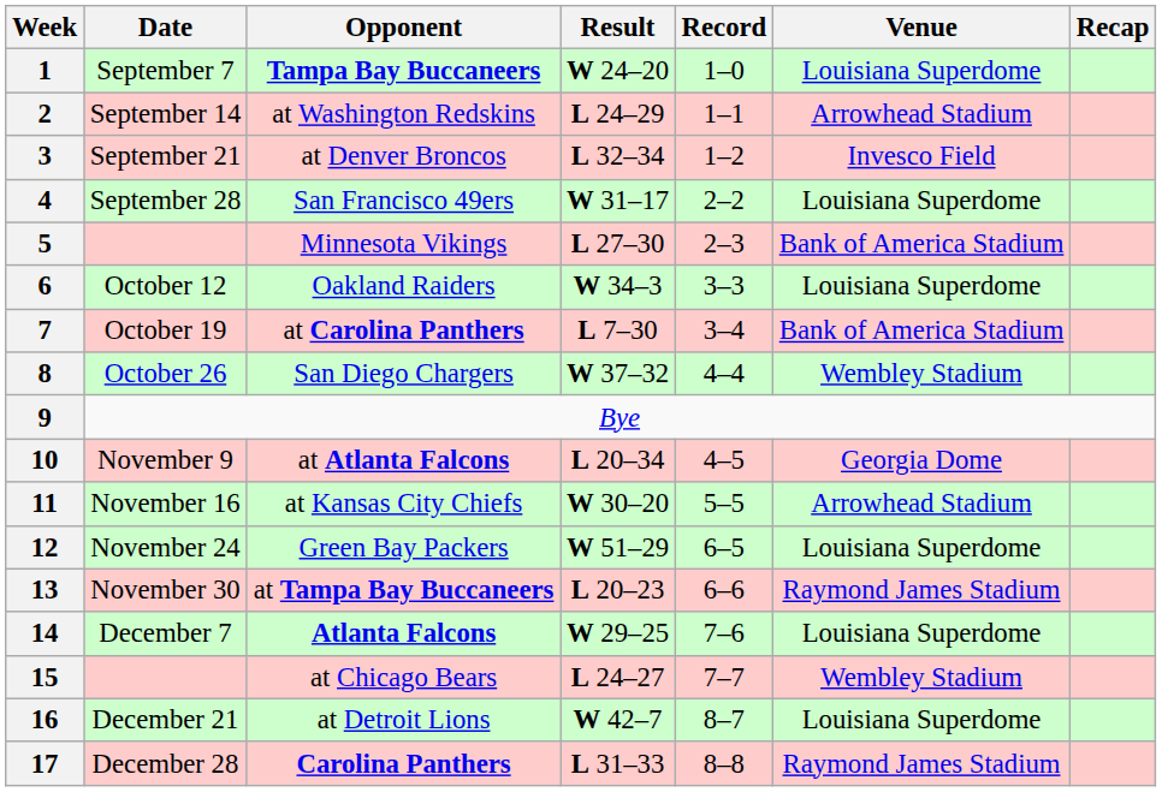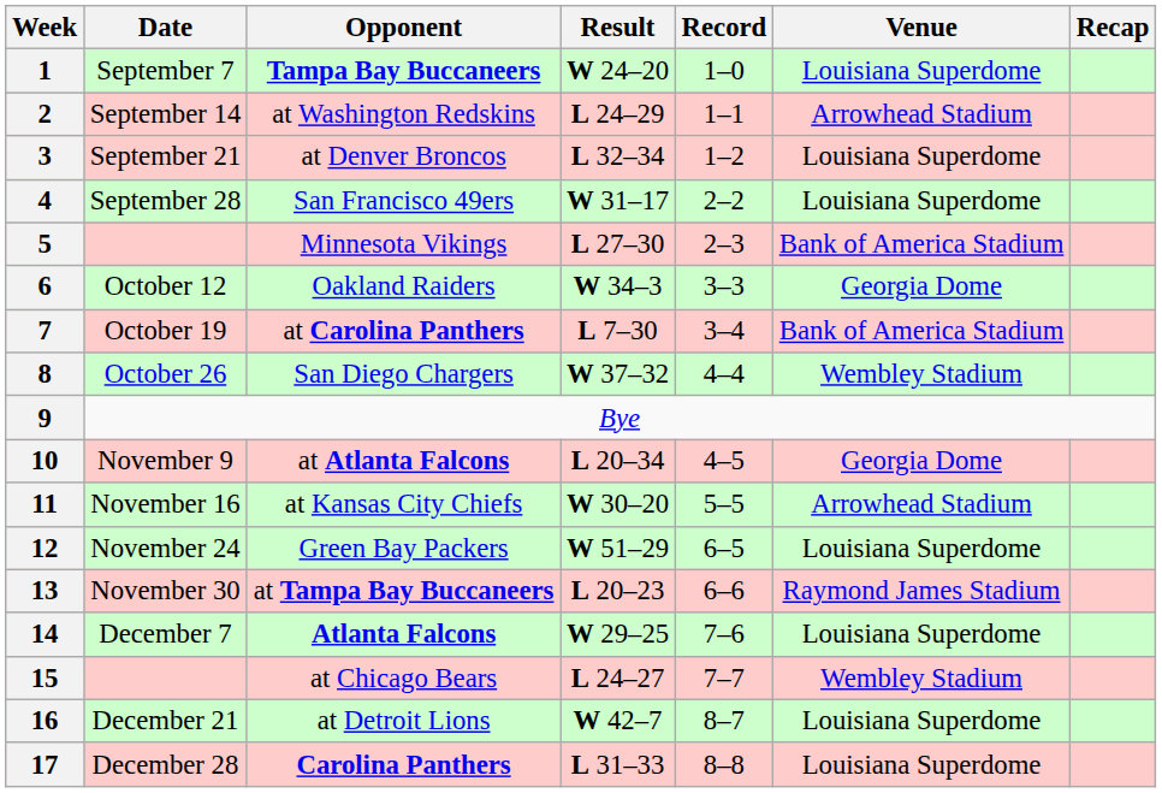 <table class="wikitable" style="text-align:center">
 <tr>
 <th>Week</th>
 <th>Date</th>
 <th>Opponent</th>
 <th>Result</th>
 <th>Record</th>
 <th>Venue</th>
 <th>Recap</th>
 </tr>
 <tr style="background: #cfc;">
 <th>1</th>
 <td>September 7</td>
 <td><strong><a href='#'>Tampa Bay Buccaneers</a></strong></td>
 <td><strong>W</strong> 24–20</td>
 <td>1–0</td>
 <td><a href='#'>Louisiana Superdome</a></td>
 <td></td>
 </tr>
 <tr style="background: #fcc;">
 <th>2</th>
 <td>September 14</td>
 <td>at <a href='#'>Washington Redskins</a></td>
 <td><strong>L</strong> 24–29</td>
 <td>1–1</td>
 <td><a href='#'>Arrowhead Stadium</a></td>
 <td align=center colspan="1"></td>
 </tr>
 <tr style="background: #fcc;">
 <th>3</th>
 <td>September 21</td>
 <td>at <a href='#'>Denver Broncos</a></td>
 <td><strong>L</strong> 32–34</td>
 <td>1–2</td>
-<td><a href='#'>Invesco Field</a></td>
+<td>Louisiana Superdome</td>
 <td></td>
 </tr>
 <tr style="background: #cfc;">
 <th>4</th>
 <td>September 28</td>
 <td><a href='#'>San Francisco 49ers</a></td>
 <td><strong>W</strong> 31–17</td>
 <td>2–2</td>
 <td>Louisiana Superdome</td>
 <td></td>
 </tr>
 <tr style="background: #fcc;">
 <th>5</th>
 <td></td>
 <td><a href='#'>Minnesota Vikings</a></td>
 <td><strong>L</strong> 27–30</td>
 <td>2–3</td>
 <td><a href='#'>Bank of America Stadium</a></td>
 <td></td>
 </tr>
 <tr style="background: #cfc;">
 <th>6</th>
 <td>October 12</td>
 <td><a href='#'>Oakland Raiders</a></td>
 <td><strong>W</strong> 34–3</td>
 <td>3–3</td>
-<td>Louisiana Superdome</td>
+<td><a href='#'>Georgia Dome</a></td>
 <td></td>
 </tr>
 <tr style="background: #fcc;">
 <th>7</th>
 <td>October 19</td>
 <td>at <strong><a href='#'>Carolina Panthers</a></strong></td>
 <td><strong>L</strong> 7–30</td>
 <td>3–4</td>
 <td><a href='#'>Bank of America Stadium</a></td>
 <td></td>
 </tr>
 <tr style="background: #cfc;">
 <th>8</th>
 <td><a href='#'>October 26</a></td>
 <td><a href='#'>San Diego Chargers</a></td>
 <td><strong>W</strong> 37–32</td>
 <td>4–4</td>
 <td> <a href='#'>Wembley Stadium</a> </td>
 <td></td>
 </tr>
 <tr>
 <th>9</th>
 <td colSpan=8 align="center"><em><a href='#'>Bye</a></em></td>
 </tr>
 <tr style="background: #fcc;">
 <th>10</th>
 <td>November 9</td>
 <td>at <strong><a href='#'>Atlanta Falcons</a></strong></td>
 <td><strong>L</strong> 20–34</td>
 <td>4–5</td>
 <td><a href='#'>Georgia Dome</a></td>
 <td></td>
 </tr>
 <tr style="background: #cfc;">
 <th>11</th>
 <td>November 16</td>
 <td>at <a href='#'>Kansas City Chiefs</a></td>
 <td><strong>W</strong> 30–20</td>
 <td>5–5</td>
 <td><a href='#'>Arrowhead Stadium</a></td>
 <td></td>
 </tr>
 <tr style="background: #cfc;">
 <th>12</th>
 <td>November 24</td>
 <td><a href='#'>Green Bay Packers</a></td>
 <td><strong>W</strong> 51–29</td>
 <td>6–5</td>
 <td>Louisiana Superdome</td>
 <td></td>
 </tr>
 <tr style="background: #fcc;">
 <th>13</th>
 <td>November 30</td>
 <td>at <strong><a href='#'>Tampa Bay Buccaneers</a></strong></td>
 <td><strong>L</strong> 20–23</td>
 <td>6–6</td>
 <td><a href='#'>Raymond James Stadium</a></td>
 <td></td>
 </tr>
 <tr style="background: #cfc;">
 <th>14</th>
 <td>December 7</td>
 <td><strong><a href='#'>Atlanta Falcons</a></strong></td>
 <td><strong>W</strong> 29–25</td>
 <td>7–6</td>
 <td>Louisiana Superdome</td>
 <td></td>
 </tr>
 <tr style="background: #fcc;">
 <th>15</th>
 <td></td>
 <td>at <a href='#'>Chicago Bears</a></td>
 <td><strong>L</strong> 24–27</td>
 <td>7–7</td>
 <td> <a href='#'>Wembley Stadium</a> </td>
 <td></td>
 </tr>
 <tr style="background: #cfc;">
 <th>16</th>
 <td>December 21</td>
 <td>at <a href='#'>Detroit Lions</a></td>
 <td><strong>W</strong> 42–7</td>
 <td>8–7</td>
 <td>Louisiana Superdome</td>
 <td></td>
 </tr>
 <tr style="background: #fcc;">
 <th>17</th>
 <td>December 28</td>
 <td><strong><a href='#'>Carolina Panthers</a></strong></td>
 <td><strong>L</strong> 31–33</td>
 <td>8–8</td>
-<td><a href='#'>Raymond James Stadium</a></td>
+<td>Louisiana Superdome</td>
 <td></td>
 </tr>
 </table>
